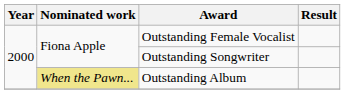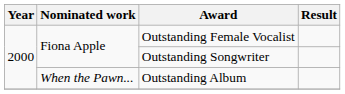 <table class="wikitable">
 <tr>
 <th>Year</th>
 <th>Nominated work</th>
 <th>Award</th>
 <th>Result</th>
 </tr>
 <tr>
 <td align="center" rowspan=3>2000</td>
 <td rowspan=2>Fiona Apple</td>
 <td>Outstanding Female Vocalist</td>
 <td></td>
 </tr>
 <tr>
 <td>Outstanding Songwriter</td>
 <td></td>
 </tr>
 <tr>
-<td style="background: khaki;"><em>When the Pawn...</em></td>
+<td><em>When the Pawn...</em></td>
 <td>Outstanding Album</td>
 <td></td>
 </tr>
 <tr>
 </tr>
 </table>
